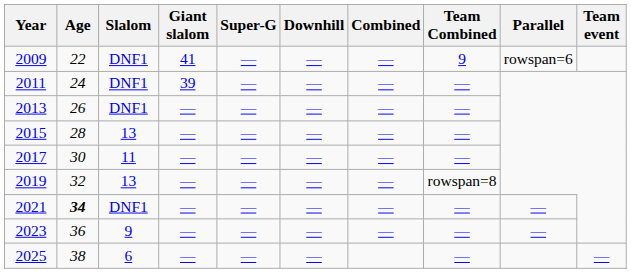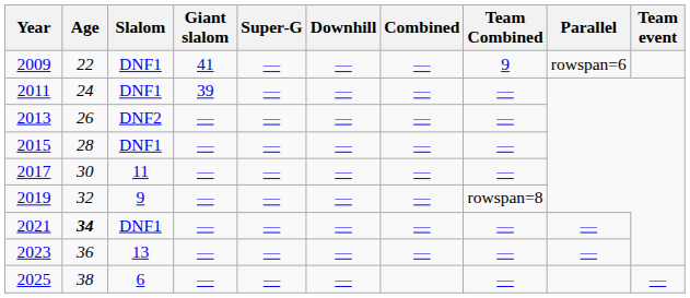 <table class=wikitable style="text-align:center">
 <tr>
 <th>  Year  </th>
 <th> Age </th>
 <th> Slalom </th>
 <th> Giant <br> slalom </th>
 <th>Super-G</th>
 <th>Downhill</th>
 <th>Combined</th>
 <th>Team<br>Combined</th>
 <th>Parallel</th>
 <th>Team<br> event </th>
 </tr>
 <tr>
 <td><a href='#'>2009</a></td>
 <td><em>22</em></td>
 <td><a href='#'>DNF1</a></td>
 <td><a href='#'>41</a></td>
 <td><a href='#'>—</a></td>
 <td><a href='#'>—</a></td>
 <td><a href='#'>—</a></td>
 <td><a href='#'>9</a></td>
 <td>rowspan=6</td>
 <td></td>
 </tr>
 <tr>
 <td><a href='#'>2011</a></td>
 <td><em>24</em></td>
 <td><a href='#'>DNF1</a></td>
 <td><a href='#'>39</a></td>
 <td><a href='#'>—</a></td>
 <td><a href='#'>—</a></td>
 <td><a href='#'>—</a></td>
 <td><a href='#'>—</a></td>
 </tr>
 <tr>
 <td><a href='#'>2013</a></td>
 <td><em>26</em></td>
-<td><a href='#'>DNF1</a></td>
+<td><a href='#'>DNF2</a></td>
 <td><a href='#'>—</a></td>
 <td><a href='#'>—</a></td>
 <td><a href='#'>—</a></td>
 <td><a href='#'>—</a></td>
 <td><a href='#'>—</a></td>
 </tr>
 <tr>
 <td><a href='#'>2015</a></td>
 <td><em>28</em></td>
-<td><a href='#'>13</a></td>
+<td><a href='#'>DNF1</a></td>
 <td><a href='#'>—</a></td>
 <td><a href='#'>—</a></td>
 <td><a href='#'>—</a></td>
 <td><a href='#'>—</a></td>
 <td><a href='#'>—</a></td>
 </tr>
 <tr>
 <td><a href='#'>2017</a></td>
 <td><em>30</em></td>
 <td><a href='#'>11</a></td>
 <td><a href='#'>—</a></td>
 <td><a href='#'>—</a></td>
 <td><a href='#'>—</a></td>
 <td><a href='#'>—</a></td>
 <td><a href='#'>—</a></td>
 </tr>
 <tr>
 <td><a href='#'>2019</a></td>
 <td><em>32</em></td>
-<td><a href='#'>13</a></td>
+<td><a href='#'>9</a></td>
 <td><a href='#'>—</a></td>
 <td><a href='#'>—</a></td>
 <td><a href='#'>—</a></td>
 <td><a href='#'>—</a></td>
 <td>rowspan=8</td>
 </tr>
 <tr>
 <td><a href='#'>2021</a></td>
 <td><strong><em>34</em></strong></td>
 <td><a href='#'>DNF1</a></td>
 <td><a href='#'>—</a></td>
 <td><a href='#'>—</a></td>
 <td><a href='#'>—</a></td>
 <td><a href='#'>—</a></td>
 <td><a href='#'>—</a></td>
 <td><a href='#'>—</a></td>
 </tr>
 <tr>
 <td><a href='#'>2023</a></td>
 <td><em>36</em></td>
-<td><a href='#'>9</a></td>
+<td><a href='#'>13</a></td>
 <td><a href='#'>—</a></td>
 <td><a href='#'>—</a></td>
 <td><a href='#'>—</a></td>
 <td><a href='#'>—</a></td>
 <td><a href='#'>—</a></td>
 <td><a href='#'>—</a></td>
 </tr>
 <tr>
 <td><a href='#'>2025</a></td>
 <td><em>38</em></td>
 <td><a href='#'>6</a></td>
 <td><a href='#'>—</a></td>
 <td><a href='#'>—</a></td>
 <td><a href='#'>—</a></td>
 <td></td>
 <td><a href='#'>—</a></td>
 <td></td>
 <td><a href='#'>—</a></td>
 </tr>
 </table>
